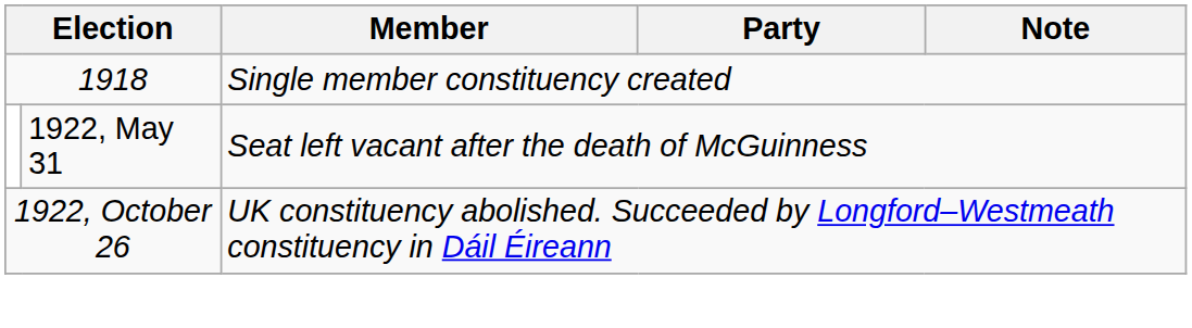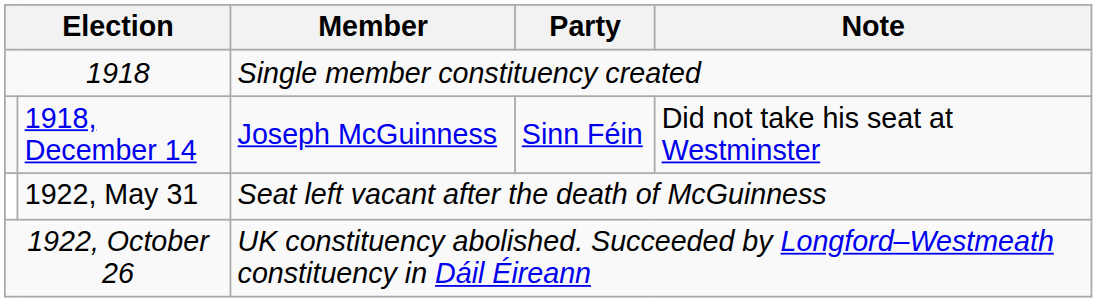 <table class="wikitable">
 <tr>
 <th colspan="2">Election</th>
 <th>Member</th>
 <th>Party</th>
 <th>Note</th>
 </tr>
 <tr>
 <td colspan="2" align="center"><em>1918</em></td>
 <td colspan="3"><em>Single member constituency created</em></td>
 </tr>
 <tr>
+<td style="color:inherit;background-color: "></td>
+<td><a href='#'>1918, December 14</a></td>
+<td><a href='#'>Joseph McGuinness</a></td>
+<td><a href='#'>Sinn Féin</a></td>
+<td>Did not take his seat at <a href='#'>Westminster</a></td>
+</tr>
+<tr>
 <td style="color:inherit;background-color: white"></td>
 <td>1922, May 31 </td>
 <td colspan = "3"><em>Seat left vacant after the death of McGuinness</em></td>
 </tr>
 <tr>
 <td colspan="2" align="center"><em>1922, October 26</em></td>
 <td colspan="3"><em>UK constituency abolished. Succeeded by <a href='#'>Longford–Westmeath</a> constituency in <a href='#'>Dáil Éireann</a></em></td>
 </tr>
 </table>
